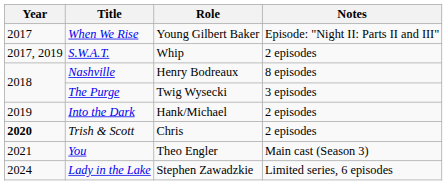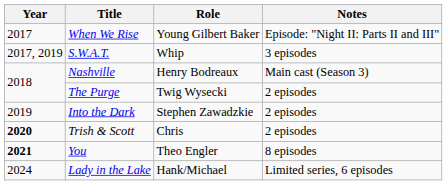 <table class="wikitable sortable">
 <tr>
 <th>Year</th>
 <th>Title</th>
 <th>Role</th>
 <th>Notes</th>
 </tr>
 <tr>
 <td>2017</td>
 <td><em><a href='#'>When We Rise</a></em></td>
 <td>Young Gilbert Baker</td>
 <td>Episode: "Night II: Parts II and III"</td>
 </tr>
 <tr>
 <td>2017, 2019</td>
 <td><em><a href='#'>S.W.A.T.</a></em></td>
 <td>Whip</td>
-<td>2 episodes</td>
+<td>3 episodes</td>
 </tr>
 <tr>
 <td rowspan="2">2018</td>
 <td><em><a href='#'>Nashville</a></em></td>
 <td>Henry Bodreaux</td>
-<td>8 episodes</td>
+<td>Main cast (Season 3)</td>
 </tr>
 <tr>
 <td><em><a href='#'>The Purge</a></em></td>
 <td>Twig Wysecki</td>
-<td>3 episodes</td>
+<td>2 episodes</td>
 </tr>
 <tr>
 <td>2019</td>
 <td><em><a href='#'>Into the Dark</a></em></td>
-<td>Hank/Michael</td>
+<td>Stephen Zawadzkie</td>
 <td>2 episodes</td>
 </tr>
 <tr>
 <td><strong>2020</strong></td>
 <td><em>Trish & Scott</em></td>
 <td>Chris</td>
 <td>2 episodes</td>
 </tr>
 <tr>
-<td>2021</td>
+<td><strong>2021</strong></td>
 <td><em><a href='#'>You</a></em></td>
 <td>Theo Engler</td>
-<td>Main cast (Season 3)</td>
+<td>8 episodes</td>
 </tr>
 <tr>
 <td>2024</td>
 <td><em><a href='#'>Lady in the Lake</a></em></td>
-<td>Stephen Zawadzkie</td>
+<td>Hank/Michael</td>
 <td>Limited series, 6 episodes</td>
 </tr>
 </table>
